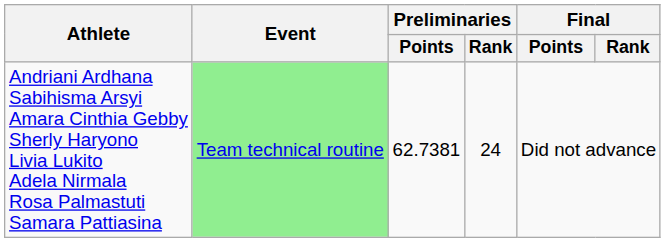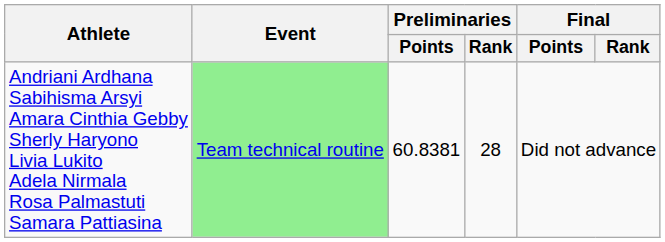 <table class=wikitable style="font-size:90%">
 <tr>
 <th rowspan="2">Athlete</th>
 <th rowspan="2">Event</th>
 <th colspan="2">Preliminaries</th>
 <th colspan="2">Final</th>
 </tr>
 <tr style="font-size:95%">
 <th>Points</th>
 <th>Rank</th>
 <th>Points</th>
 <th>Rank</th>
 </tr>
 <tr align=center>
 <td align=left><a href='#'>Andriani Ardhana</a><br><a href='#'>Sabihisma Arsyi</a><br><a href='#'>Amara Cinthia Gebby</a><br><a href='#'>Sherly Haryono</a><br><a href='#'>Livia Lukito</a><br><a href='#'>Adela Nirmala</a><br><a href='#'>Rosa Palmastuti</a><br><a href='#'>Samara Pattiasina</a></td>
 <td align=left style="background: lightgreen;"><a href='#'>Team technical routine</a></td>
-<td>62.7381</td>
-<td>24</td>
+<td>60.8381</td>
+<td>28</td>
 <td colspan=2>Did not advance</td>
 </tr>
 </table>
